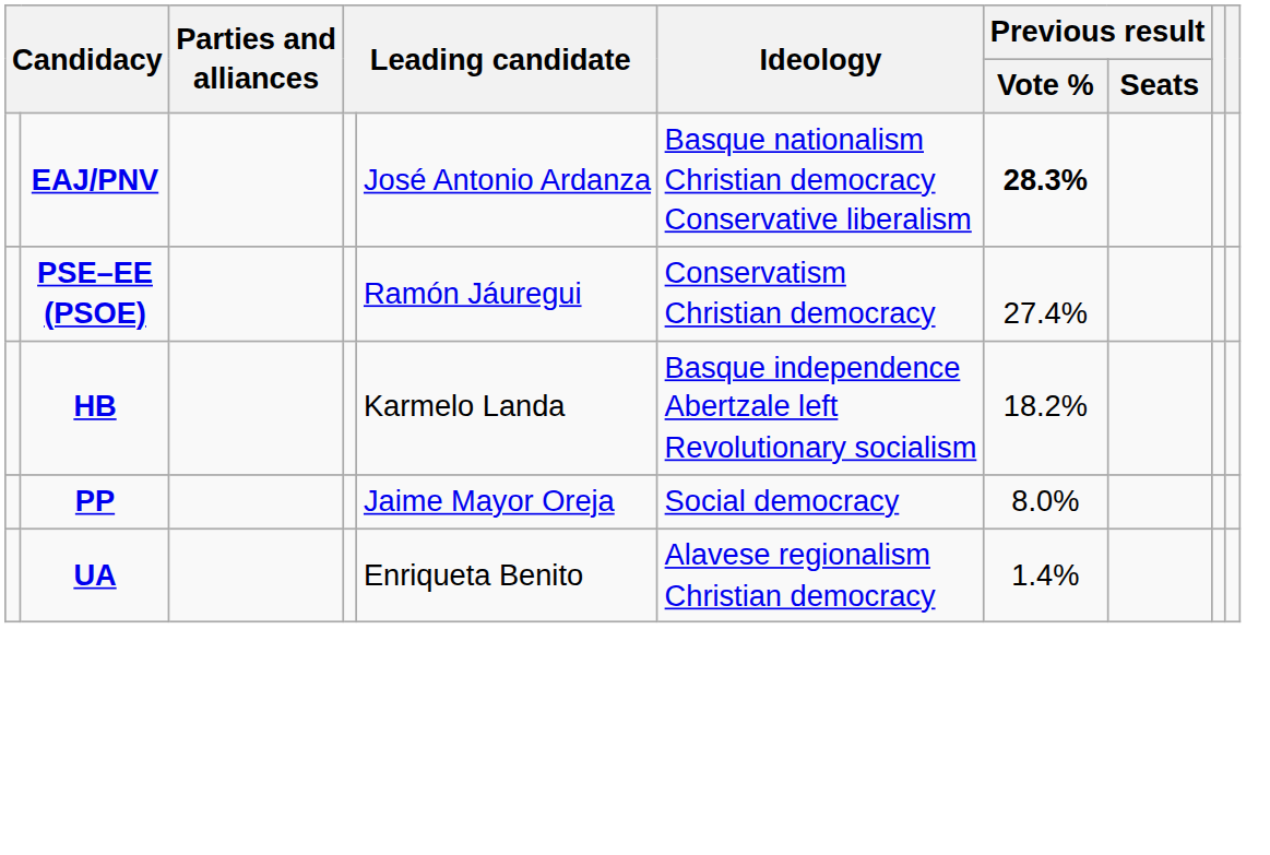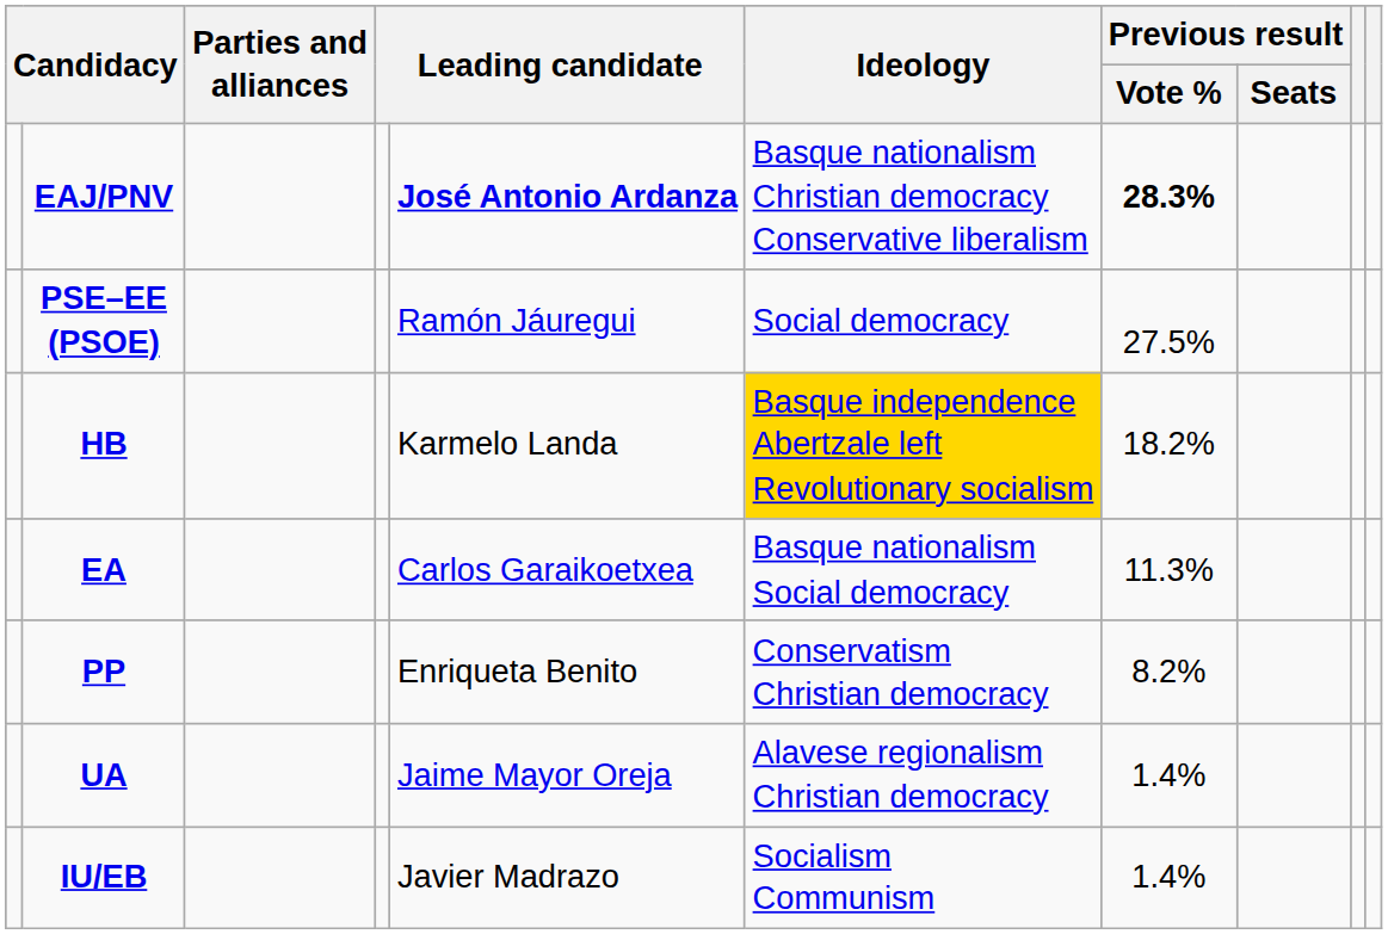 <table class="wikitable" style="line-height:1.35em; text-align:left;">
 <tr>
 <th colspan="2" rowspan="2">Candidacy</th>
 <th rowspan="2">Parties and<br>alliances</th>
 <th colspan="2" rowspan="2">Leading candidate</th>
 <th rowspan="2">Ideology</th>
 <th colspan="2">Previous result</th>
 <th rowspan="2"></th>
 <th rowspan="2"></th>
 </tr>
 <tr>
 <th>Vote %</th>
 <th>Seats</th>
 </tr>
 <tr>
 <td width="1" style="color:inherit;background:"></td>
 <td align="center"><strong><a href='#'>EAJ/PNV</a></strong></td>
 <td></td>
 <td></td>
-<td><a href='#'>José Antonio Ardanza</a></td>
+<td><strong><a href='#'>José Antonio Ardanza</a></strong></td>
 <td><a href='#'>Basque nationalism</a><br><a href='#'>Christian democracy</a><br><a href='#'>Conservative liberalism</a></td>
 <td align="center"><strong>28.3%</strong></td>
 <td></td>
 <td></td>
 <td></td>
 </tr>
 <tr>
 <td style="color:inherit;background:"></td>
 <td align="center"><strong><a href='#'>PSE–EE<br>(PSOE)</a></strong></td>
 <td></td>
 <td></td>
 <td><a href='#'>Ramón Jáuregui</a></td>
-<td><a href='#'>Conservatism</a><br><a href='#'>Christian democracy</a></td>
-<td align="center"><br>27.4%<br></td>
+<td><a href='#'>Social democracy</a></td>
+<td align="center"><br>27.5%<br></td>
 <td></td>
 <td></td>
 <td></td>
 </tr>
 <tr>
 <td style="color:inherit;background:"></td>
 <td align="center"><strong><a href='#'>HB</a></strong></td>
 <td></td>
 <td></td>
 <td>Karmelo Landa</td>
-<td><a href='#'>Basque independence</a><br><a href='#'>Abertzale left</a><br><a href='#'>Revolutionary socialism</a></td>
+<td style="background: gold;"><a href='#'>Basque independence</a><br><a href='#'>Abertzale left</a><br><a href='#'>Revolutionary socialism</a></td>
 <td align="center">18.2%</td>
+<td></td>
+<td></td>
+<td></td>
+</tr>
+<tr>
+<td style="color:inherit;background:"></td>
+<td align="center"><strong><a href='#'>EA</a></strong></td>
+<td></td>
+<td></td>
+<td><a href='#'>Carlos Garaikoetxea</a></td>
+<td><a href='#'>Basque nationalism</a><br><a href='#'>Social democracy</a></td>
+<td align="center">11.3%</td>
 <td></td>
 <td></td>
 <td></td>
 </tr>
 <tr>
 <td style="color:inherit;background:"></td>
 <td align="center"><strong><a href='#'>PP</a></strong></td>
 <td></td>
 <td></td>
-<td><a href='#'>Jaime Mayor Oreja</a></td>
-<td><a href='#'>Social democracy</a></td>
-<td align="center">8.0%</td>
+<td>Enriqueta Benito</td>
+<td><a href='#'>Conservatism</a><br><a href='#'>Christian democracy</a></td>
+<td align="center">8.2%</td>
 <td></td>
 <td></td>
 <td></td>
 </tr>
 <tr>
 <td style="color:inherit;background:"></td>
 <td align="center"><strong><a href='#'>UA</a></strong></td>
 <td></td>
 <td></td>
-<td>Enriqueta Benito</td>
+<td><a href='#'>Jaime Mayor Oreja</a></td>
 <td><a href='#'>Alavese regionalism</a><br><a href='#'>Christian democracy</a></td>
 <td align="center">1.4%</td>
 <td></td>
 <td></td>
 <td></td>
 </tr>
+<tr>
+<td style="color:inherit;background:"></td>
+<td align="center"><strong><a href='#'>IU/EB</a></strong></td>
+<td></td>
+<td></td>
+<td>Javier Madrazo</td>
+<td><a href='#'>Socialism</a><br><a href='#'>Communism</a></td>
+<td align="center">1.4%</td>
+<td></td>
+<td></td>
+<td></td>
+</tr>
 </table>
